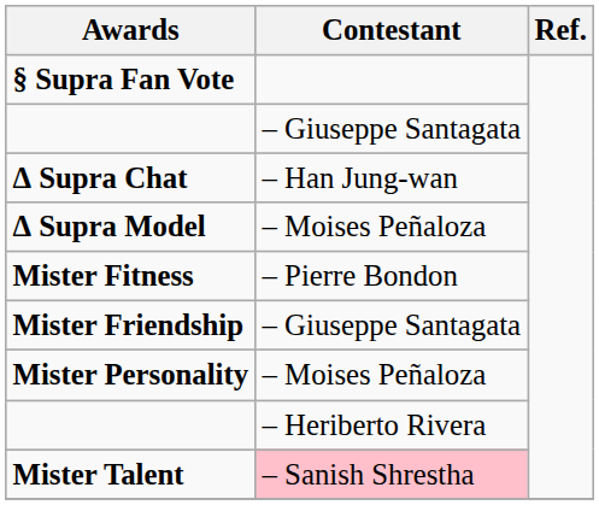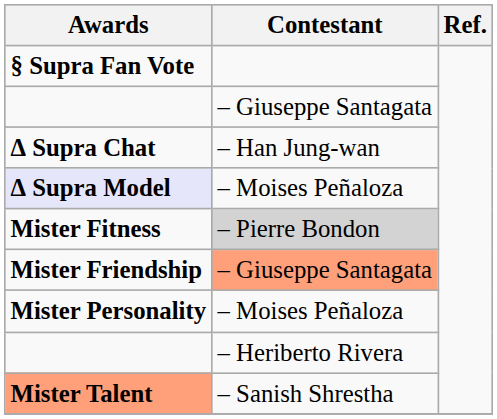 <table class="wikitable" style="font-size: 95%;">
 <tr>
 <th>Awards</th>
 <th>Contestant</th>
 <th>Ref.</th>
 </tr>
 <tr>
 <td><strong>§</strong> <strong>Supra Fan Vote</strong></td>
 <td></td>
 <td rowspan="9"></td>
 </tr>
 <tr>
 <td></td>
 <td><strong></strong> – Giuseppe Santagata</td>
 </tr>
 <tr>
 <td><strong>Δ</strong> <strong>Supra Chat</strong></td>
 <td><strong></strong> – Han Jung-wan</td>
 </tr>
 <tr>
-<td><strong>Δ</strong> <strong>Supra Model</strong></td>
+<td style="background: lavender;"><strong>Δ</strong> <strong>Supra Model</strong></td>
 <td><strong></strong> – Moises Peñaloza</td>
 </tr>
 <tr>
 <td><strong>Mister Fitness</strong></td>
-<td><strong></strong> – Pierre Bondon</td>
+<td style="background: lightgrey;"><strong></strong> – Pierre Bondon</td>
 </tr>
 <tr>
 <td><strong>Mister Friendship</strong></td>
-<td><strong></strong> – Giuseppe Santagata</td>
+<td style="background: lightsalmon;"><strong></strong> – Giuseppe Santagata</td>
 </tr>
 <tr>
 <td><strong>Mister Personality</strong></td>
 <td><strong></strong> – Moises Peñaloza</td>
 </tr>
 <tr>
 <td></td>
 <td><strong></strong> – Heriberto Rivera</td>
 </tr>
 <tr>
-<td><strong>Mister Talent</strong></td>
-<td style="background: pink;"><strong></strong> – Sanish Shrestha</td>
+<td style="background: lightsalmon;"><strong>Mister Talent</strong></td>
+<td><strong></strong> – Sanish Shrestha</td>
 </tr>
 <tr>
 </tr>
 </table>
